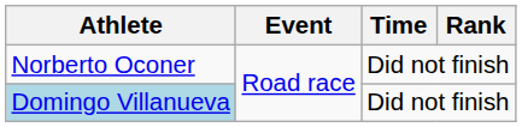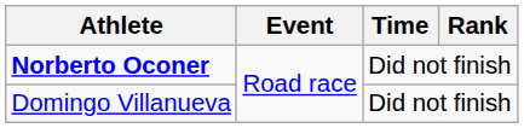 <table class="wikitable" style="font-size:90%">
 <tr>
 <th>Athlete</th>
 <th>Event</th>
 <th>Time</th>
 <th>Rank</th>
 </tr>
 <tr align=center>
-<td align=left><a href='#'>Norberto Oconer</a></td>
+<td align=left><strong><a href='#'>Norberto Oconer</a></strong></td>
 <td style="text-align:left;" rowspan="2"><a href='#'>Road race</a></td>
 <td colspan=2>Did not finish</td>
 </tr>
 <tr align=center>
-<td align=left style="background: lightblue;"><a href='#'>Domingo Villanueva</a></td>
+<td align=left><a href='#'>Domingo Villanueva</a></td>
 <td colspan=2>Did not finish</td>
 </tr>
 </table>
